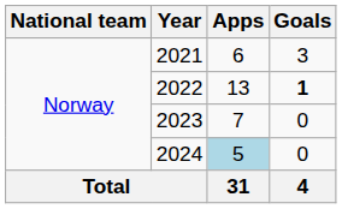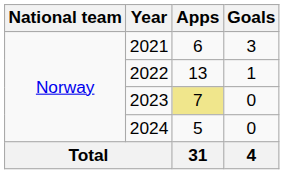 <table class="wikitable" style="text-align:center">
 <tr>
 <th>National team</th>
 <th>Year</th>
 <th>Apps</th>
 <th>Goals</th>
 </tr>
 <tr>
 <td rowspan="4"><a href='#'>Norway</a></td>
 <td>2021</td>
 <td>6</td>
 <td>3</td>
 </tr>
 <tr>
 <td>2022</td>
 <td>13</td>
-<td><strong>1</strong></td>
+<td>1</td>
 </tr>
 <tr>
 <td>2023</td>
-<td>7</td>
+<td style="background: khaki;">7</td>
 <td>0</td>
 </tr>
 <tr>
 <td>2024</td>
-<td style="background: lightblue;">5</td>
+<td>5</td>
 <td>0</td>
 </tr>
 <tr>
 <th colspan="2">Total</th>
 <th>31</th>
 <th>4</th>
 </tr>
 </table>
